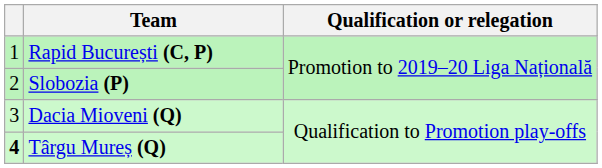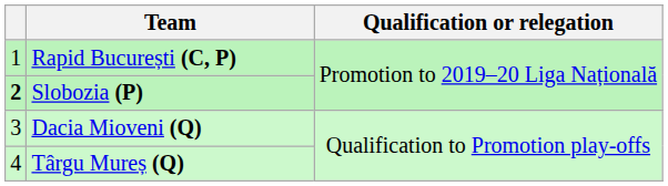 <table class="wikitable sortable" style="text-align:center">
 <tr>
 <th></th>
 <th width="200">Team</th>
 <th>Qualification or relegation</th>
 </tr>
 <tr style="background: #BBF3BB;">
 <td>1</td>
 <td align=left><a href='#'>Rapid București</a> <strong>(C, P)</strong></td>
 <td rowspan=2>Promotion to <a href='#'>2019–20 Liga Națională</a></td>
 </tr>
 <tr style="background: #BBF3BB;">
-<td>2</td>
+<td><strong>2</strong></td>
 <td align=left><a href='#'>Slobozia</a> <strong>(P)</strong></td>
 </tr>
 <tr style="background: #CCF9CC;">
 <td>3</td>
 <td align=left><a href='#'>Dacia Mioveni</a> <strong>(Q)</strong></td>
 <td rowspan=2>Qualification to <a href='#'>Promotion play-offs</a></td>
 </tr>
 <tr style="background: #CCF9CC;">
-<td><strong>4</strong></td>
+<td>4</td>
 <td align=left><a href='#'>Târgu Mureș</a> <strong>(Q)</strong></td>
 </tr>
 </table>
